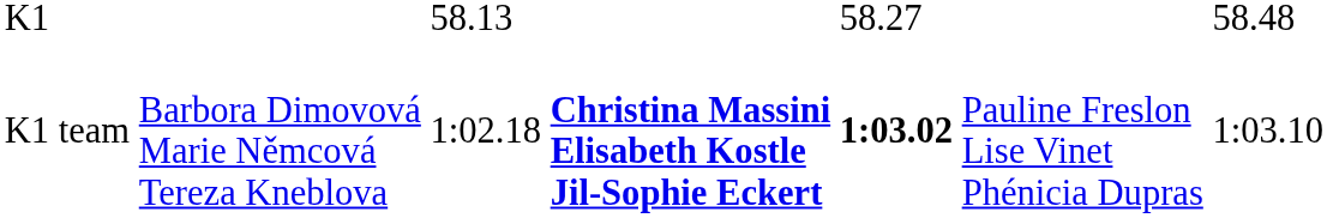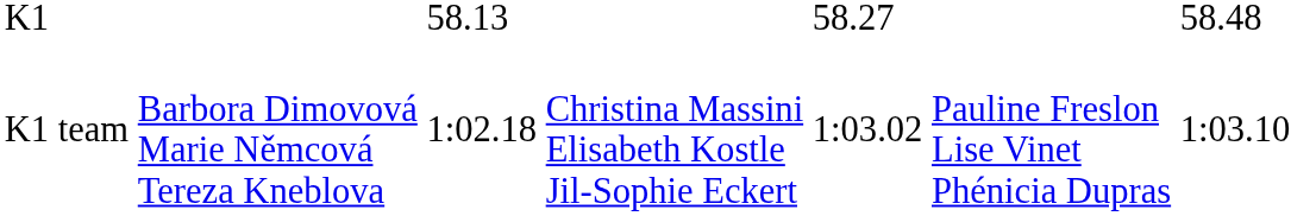 <table>
 <tr>
 <td>K1</td>
 <td></td>
 <td>58.13</td>
 <td></td>
 <td>58.27</td>
 <td></td>
 <td>58.48</td>
 </tr>
 <tr>
 <td>K1 team</td>
 <td><br><a href='#'>Barbora Dimovová</a><br><a href='#'>Marie Němcová</a><br><a href='#'>Tereza Kneblova</a></td>
 <td>1:02.18</td>
-<td><strong><br><a href='#'>Christina Massini</a><br><a href='#'>Elisabeth Kostle</a><br><a href='#'>Jil-Sophie Eckert</a></strong></td>
-<td><strong>1:03.02</strong></td>
+<td><br><a href='#'>Christina Massini</a><br><a href='#'>Elisabeth Kostle</a><br><a href='#'>Jil-Sophie Eckert</a></td>
+<td>1:03.02</td>
 <td><br><a href='#'>Pauline Freslon</a><br><a href='#'>Lise Vinet</a><br><a href='#'>Phénicia Dupras</a></td>
 <td>1:03.10</td>
 </tr>
 </table>
